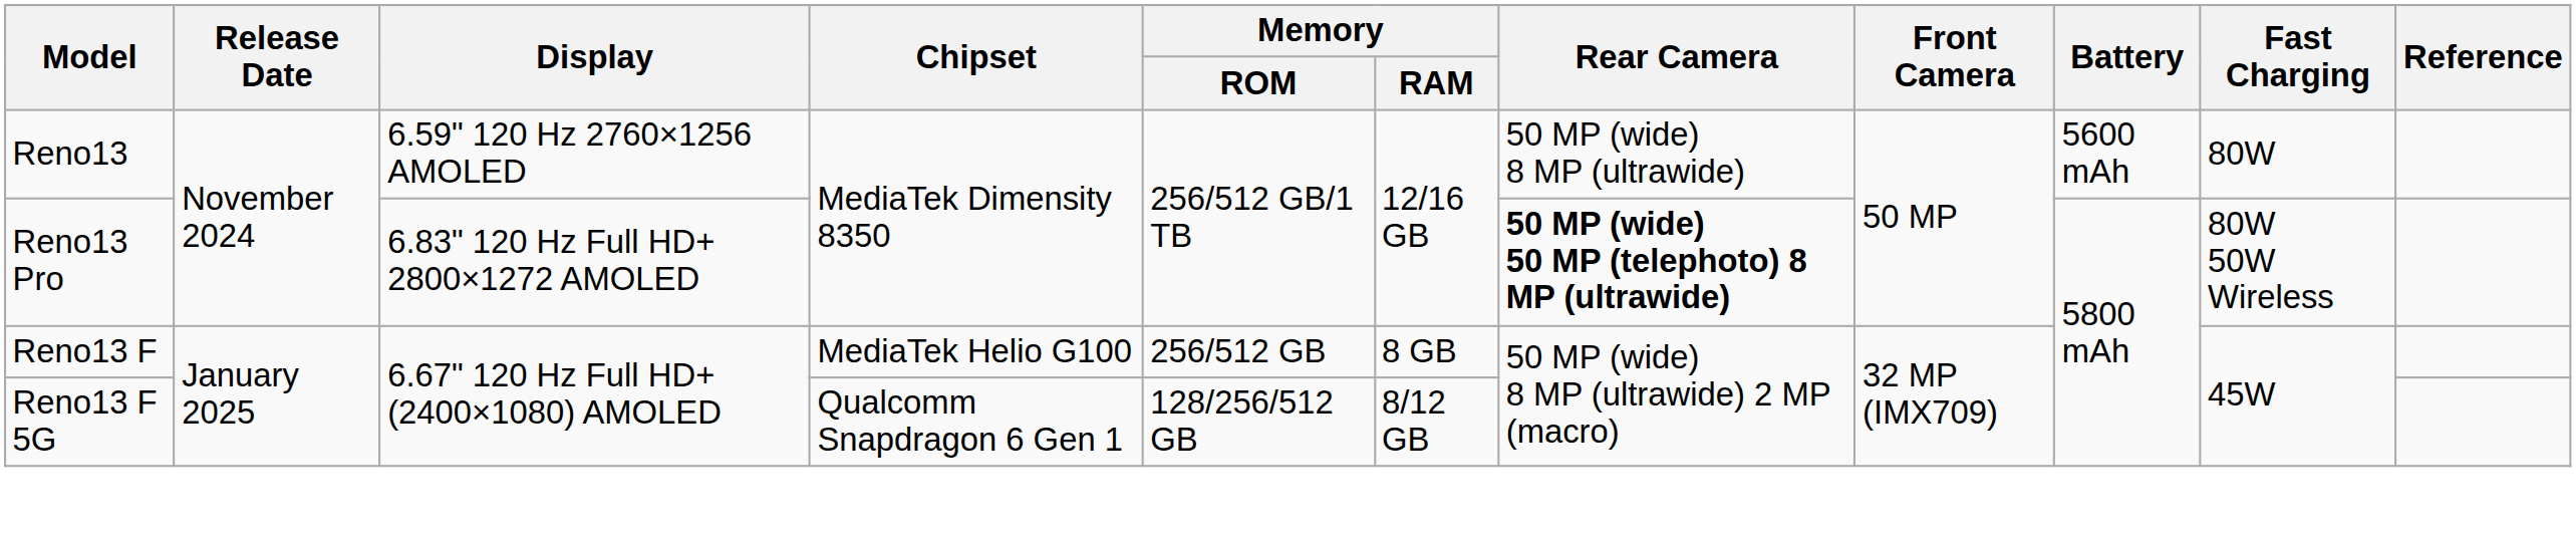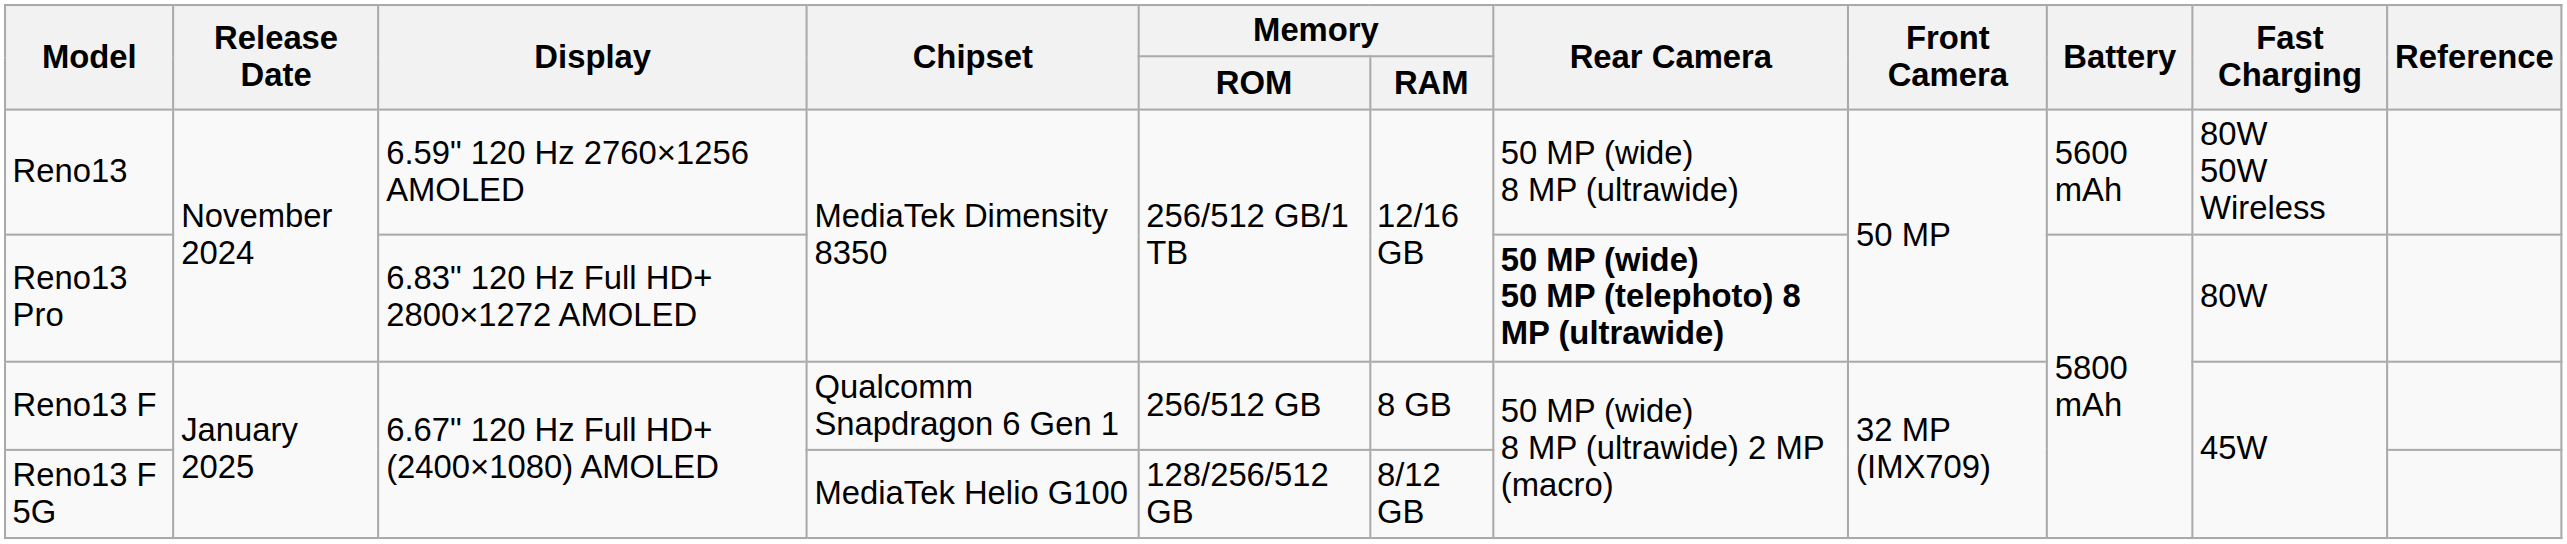 <table class="wikitable sortable">
 <tr>
 <th rowspan="2">Model</th>
 <th rowspan="2">Release Date</th>
 <th rowspan="2">Display</th>
 <th rowspan="2">Chipset</th>
 <th colspan="2">Memory</th>
 <th rowspan="2">Rear Camera</th>
 <th rowspan="2">Front Camera</th>
 <th rowspan="2">Battery</th>
 <th rowspan="2">Fast Charging</th>
 <th rowspan="2">Reference</th>
 </tr>
 <tr>
 <th>ROM</th>
 <th>RAM</th>
 </tr>
 <tr>
 <td>Reno13</td>
 <td rowspan="2">November 2024</td>
 <td>6.59" 120 Hz 2760×1256 AMOLED</td>
 <td rowspan="2">MediaTek Dimensity 8350</td>
 <td rowspan="2">256/512 GB/1 TB</td>
 <td rowspan="2">12/16 GB</td>
 <td>50 MP (wide)<br>8 MP (ultrawide)</td>
 <td rowspan="2">50 MP</td>
 <td>5600 mAh</td>
-<td>80W</td>
+<td>80W<br>50W Wireless</td>
 <td></td>
 </tr>
 <tr>
 <td>Reno13 Pro</td>
 <td>6.83" 120 Hz Full HD+ 2800×1272 AMOLED</td>
 <td><strong>50 MP (wide)<br>50 MP (telephoto) 8 MP (ultrawide)</strong></td>
 <td rowspan="3">5800 mAh</td>
-<td>80W<br>50W Wireless</td>
+<td>80W</td>
 <td></td>
 </tr>
 <tr>
 <td>Reno13 F</td>
 <td rowspan="2">January 2025</td>
 <td rowspan="2">6.67" 120 Hz Full HD+ (2400×1080) AMOLED</td>
-<td>MediaTek Helio G100</td>
+<td>Qualcomm Snapdragon 6 Gen 1</td>
 <td>256/512 GB</td>
 <td>8 GB</td>
 <td rowspan="2">50 MP (wide)<br>8 MP (ultrawide) 2 MP (macro)</td>
 <td rowspan="2">32 MP (IMX709)</td>
 <td rowspan="2">45W</td>
 <td></td>
 </tr>
 <tr>
 <td>Reno13 F 5G</td>
-<td>Qualcomm Snapdragon 6 Gen 1</td>
+<td>MediaTek Helio G100</td>
 <td>128/256/512 GB</td>
 <td>8/12 GB</td>
 <td></td>
 </tr>
 </table>
